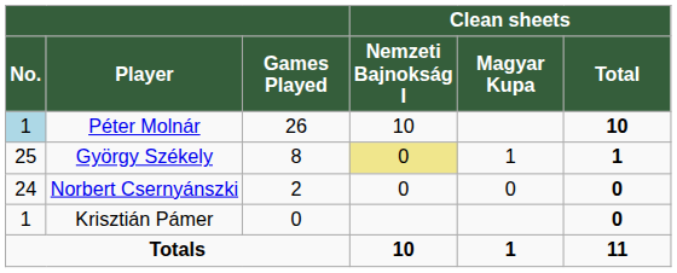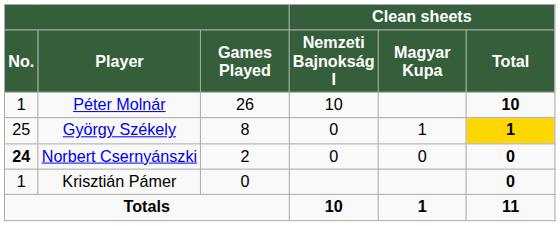 <table class="wikitable sortable alternance" style="text-align:center">
 <tr>
 <th colspan="3" style="background:#355E3B"></th>
 <th colspan="4" style="background:#355E3B;color:#FFFFFF">Clean sheets</th>
 </tr>
 <tr>
 <th style="background-color:#355E3B;color:#FFFFFF">No.</th>
 <th style="background-color:#355E3B;color:#FFFFFF">Player</th>
 <th width=80 style="background-color:#355E3B;color:#FFFFFF">Games Played</th>
 <th width=80 style="background-color:#355E3B;color:#FFFFFF">Nemzeti Bajnokság I</th>
 <th width=80 style="background-color:#355E3B;color:#FFFFFF">Magyar Kupa</th>
 <th width=80 style="background-color:#355E3B;color:#FFFFFF">Total</th>
 </tr>
 <tr>
-<td style="background: lightblue;">1</td>
+<td>1</td>
 <td> <a href='#'>Péter Molnár</a></td>
 <td>26</td>
 <td>10</td>
 <td></td>
 <td><strong>10</strong></td>
 </tr>
 <tr>
 <td>25</td>
 <td> <a href='#'>György Székely</a></td>
 <td>8</td>
-<td style="background: khaki;">0</td>
+<td>0</td>
 <td>1</td>
-<td><strong>1</strong></td>
+<td style="background: gold;"><strong>1</strong></td>
 </tr>
 <tr>
-<td>24</td>
+<td><strong>24</strong></td>
 <td> <a href='#'>Norbert Csernyánszki</a></td>
 <td>2</td>
 <td>0</td>
 <td>0</td>
 <td><strong>0</strong></td>
 </tr>
 <tr>
 <td>1</td>
 <td> Krisztián Pámer</td>
 <td>0</td>
 <td></td>
 <td></td>
 <td><strong>0</strong></td>
 </tr>
 <tr class="sortbottom">
 <td colspan="3"><strong>Totals</strong></td>
 <td><strong>10</strong></td>
 <td><strong>1</strong></td>
 <td><strong>11</strong></td>
 </tr>
 </table>
